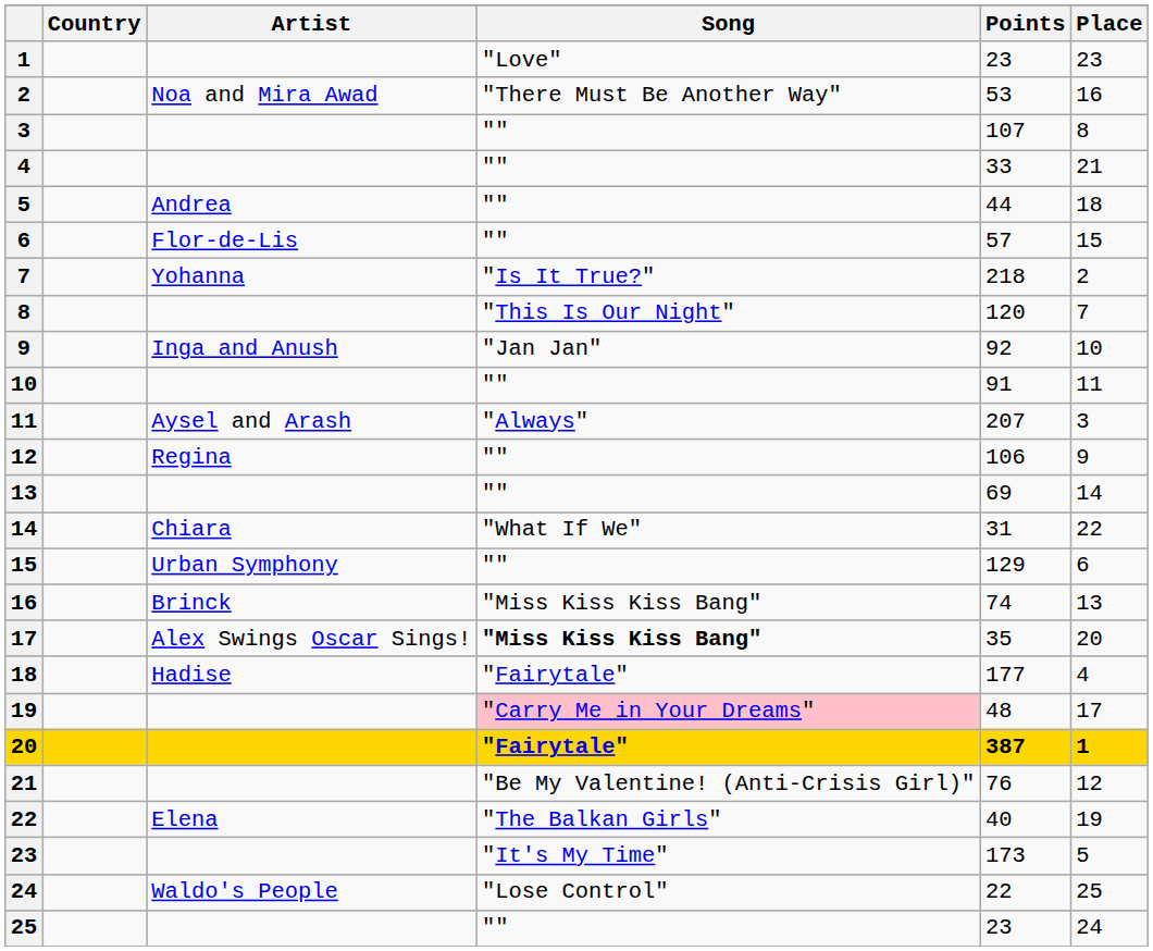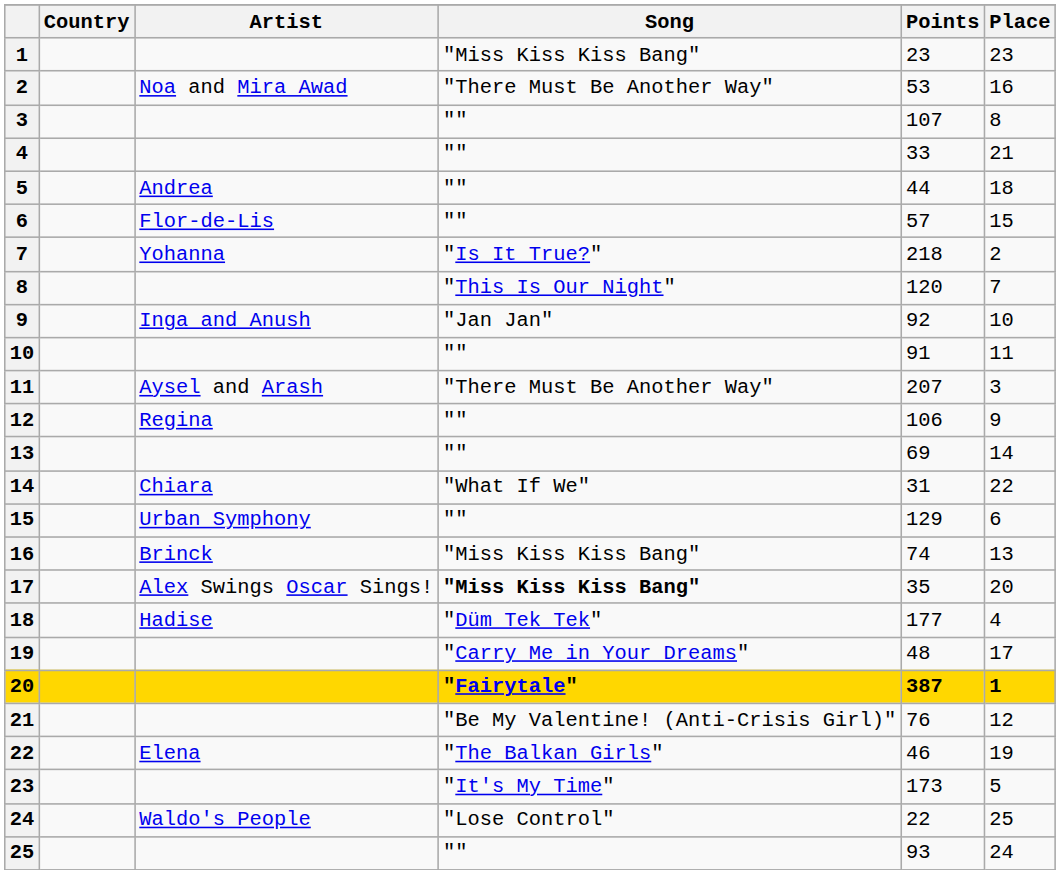 <table class="sortable wikitable plainrowheaders">
 <tr>
 </tr>
 <tr>
 <th scope="col"></th>
 <th scope="col">Country</th>
 <th scope="col">Artist</th>
 <th scope="col">Song</th>
 <th scope="col">Points</th>
 <th scope="col">Place</th>
 </tr>
 <tr>
 <th scope="row" style="text-align:center;">1</th>
 <td></td>
 <td></td>
-<td>"Love"</td>
+<td>"Miss Kiss Kiss Bang"</td>
 <td>23</td>
 <td>23</td>
 </tr>
 <tr>
 <th scope="row" style="text-align:center;">2</th>
 <td></td>
 <td><a href='#'>Noa</a> and <a href='#'>Mira Awad</a></td>
 <td>"There Must Be Another Way"</td>
 <td>53</td>
 <td>16</td>
 </tr>
 <tr>
 <th scope="row" style="text-align:center;">3</th>
 <td></td>
 <td></td>
 <td>""</td>
 <td>107</td>
 <td>8</td>
 </tr>
 <tr>
 <th scope="row" style="text-align:center;">4</th>
 <td></td>
 <td></td>
 <td>""</td>
 <td>33</td>
 <td>21</td>
 </tr>
 <tr>
 <th scope="row" style="text-align:center;">5</th>
 <td></td>
 <td>  <a href='#'>Andrea</a></td>
 <td>""</td>
 <td>44</td>
 <td>18</td>
 </tr>
 <tr>
 <th scope="row" style="text-align:center;">6</th>
 <td></td>
 <td><a href='#'>Flor-de-Lis</a></td>
 <td>""</td>
 <td>57</td>
 <td>15</td>
 </tr>
 <tr>
 <th scope="row" style="text-align:center;">7</th>
 <td></td>
 <td><a href='#'>Yohanna</a></td>
 <td>"<a href='#'>Is It True?</a>"</td>
 <td>218</td>
 <td>2</td>
 </tr>
 <tr>
 <th scope="row" style="text-align:center;">8</th>
 <td></td>
 <td></td>
 <td>"<a href='#'>This Is Our Night</a>"</td>
 <td>120</td>
 <td>7</td>
 </tr>
 <tr>
 <th scope="row" style="text-align:center;">9</th>
 <td></td>
 <td><a href='#'>Inga and Anush</a></td>
 <td>"Jan Jan"</td>
 <td>92</td>
 <td>10</td>
 </tr>
 <tr>
 <th scope="row" style="text-align:center;">10</th>
 <td></td>
 <td></td>
 <td>""</td>
 <td>91</td>
 <td>11</td>
 </tr>
 <tr>
 <th scope="row" style="text-align:center;">11</th>
 <td></td>
 <td><a href='#'>Aysel</a> and <a href='#'>Arash</a></td>
-<td>"<a href='#'>Always</a>"</td>
+<td>"There Must Be Another Way"</td>
 <td>207</td>
 <td>3</td>
 </tr>
 <tr>
 <th scope="row" style="text-align:center;">12</th>
 <td></td>
 <td><a href='#'>Regina</a></td>
 <td>""</td>
 <td>106</td>
 <td>9</td>
 </tr>
 <tr>
 <th scope="row" style="text-align:center;">13</th>
 <td></td>
 <td></td>
 <td>""</td>
 <td>69</td>
 <td>14</td>
 </tr>
 <tr>
 <th scope="row" style="text-align:center;">14</th>
 <td></td>
 <td><a href='#'>Chiara</a></td>
 <td>"What If We"</td>
 <td>31</td>
 <td>22</td>
 </tr>
 <tr>
 <th scope="row" style="text-align:center;">15</th>
 <td></td>
 <td><a href='#'>Urban Symphony</a></td>
 <td>""</td>
 <td>129</td>
 <td>6</td>
 </tr>
 <tr>
 <th scope="row" style="text-align:center;">16</th>
 <td></td>
 <td><a href='#'>Brinck</a></td>
 <td>"Miss Kiss Kiss Bang"</td>
 <td>74</td>
 <td>13</td>
 </tr>
 <tr>
 <th scope="row" style="text-align:center;">17</th>
 <td></td>
 <td><a href='#'>Alex</a> Swings <a href='#'>Oscar</a> Sings!</td>
 <td><strong>"Miss Kiss Kiss Bang"</strong></td>
 <td>35</td>
 <td>20</td>
 </tr>
 <tr>
 <th scope="row" style="text-align:center;">18</th>
 <td></td>
 <td><a href='#'>Hadise</a></td>
-<td>"<a href='#'>Fairytale</a>"</td>
+<td>"<a href='#'>Düm Tek Tek</a>"</td>
 <td>177</td>
 <td>4</td>
 </tr>
 <tr>
 <th scope="row" style="text-align:center;">19</th>
 <td></td>
 <td></td>
-<td style="background: pink;">"<a href='#'>Carry Me in Your Dreams</a>"</td>
+<td>"<a href='#'>Carry Me in Your Dreams</a>"</td>
 <td>48</td>
 <td>17</td>
 </tr>
 <tr style="font-weight:bold; background:gold;">
 <th scope="row" style="text-align:center; font-weight:bold; background:gold;">20</th>
 <td></td>
 <td></td>
 <td>"<a href='#'>Fairytale</a>"</td>
 <td>387</td>
 <td>1</td>
 </tr>
 <tr>
 <th scope="row" style="text-align:center;">21</th>
 <td></td>
 <td></td>
 <td>"Be My Valentine! (Anti-Crisis Girl)"</td>
 <td>76</td>
 <td>12</td>
 </tr>
 <tr>
 <th scope="row" style="text-align:center;">22</th>
 <td></td>
 <td><a href='#'>Elena</a></td>
 <td>"<a href='#'>The Balkan Girls</a>"</td>
-<td>40</td>
+<td>46</td>
 <td>19</td>
 </tr>
 <tr>
 <th scope="row" style="text-align:center;">23</th>
 <td></td>
 <td></td>
 <td>"<a href='#'>It's My Time</a>"</td>
 <td>173</td>
 <td>5</td>
 </tr>
 <tr>
 <th scope="row" style="text-align:center;">24</th>
 <td></td>
 <td><a href='#'>Waldo's People</a></td>
 <td>"Lose Control"</td>
 <td>22</td>
 <td>25</td>
 </tr>
 <tr>
 <th scope="row" style="text-align:center;">25</th>
 <td></td>
 <td></td>
 <td>""</td>
-<td>23</td>
+<td>93</td>
 <td>24</td>
 </tr>
 </table>
